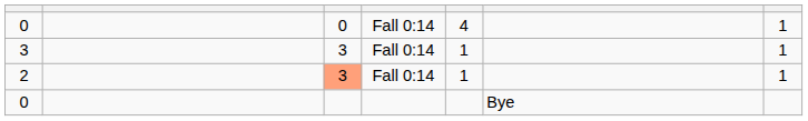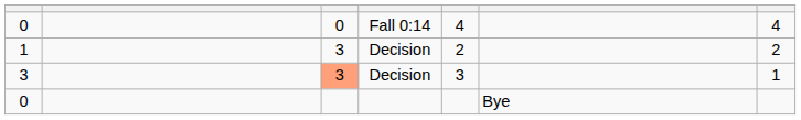 <table class="wikitable" style="text-align: center;">
 <tr>
 <th width=30></th>
 <th width=270></th>
 <th width=30></th>
 <th width=75></th>
 <th width=30></th>
 <th width=270></th>
 <th width=30></th>
 </tr>
 <tr>
 <td>0</td>
 <td align=left><strong></strong></td>
 <td>0</td>
 <td>Fall 0:14</td>
 <td>4</td>
 <td align=left></td>
+<td>4</td>
+</tr>
+<tr>
 <td>1</td>
+<td align=left></td>
+<td>3</td>
+<td>Decision</td>
+<td>2</td>
+<td align=left><strong></strong></td>
+<td>2</td>
 </tr>
 <tr>
 <td>3</td>
 <td align=left></td>
+<td style="background: lightsalmon;">3</td>
+<td>Decision</td>
 <td>3</td>
-<td>Fall 0:14</td>
-<td>1</td>
-<td align=left><strong></strong></td>
-<td>1</td>
-</tr>
-<tr>
-<td>2</td>
-<td align=left></td>
-<td style="background: lightsalmon;">3</td>
-<td>Fall 0:14</td>
-<td>1</td>
 <td align=left><strong></strong></td>
 <td>1</td>
 </tr>
 <tr>
 <td>0</td>
 <td align=left><strong></strong></td>
 <td></td>
 <td></td>
 <td></td>
 <td align=left>Bye</td>
 <td></td>
 </tr>
 </table>
